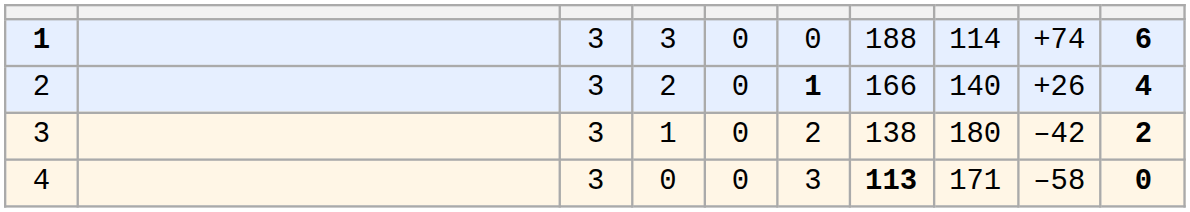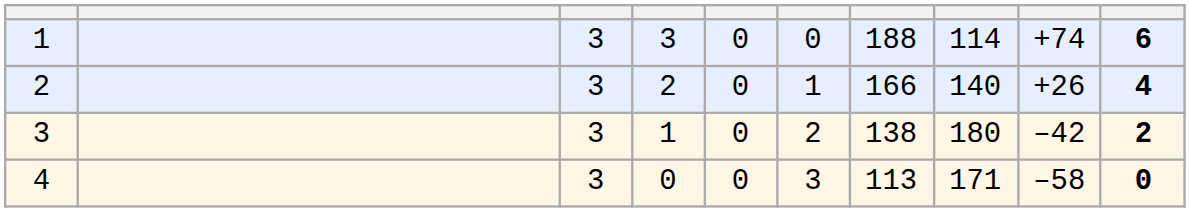 <table class="wikitable" style="text-align:center; font-size:95%">
 <tr>
 <th width="25"></th>
 <th width="200"></th>
 <th width="25"></th>
 <th width="25"></th>
 <th width="25"></th>
 <th width="25"></th>
 <th width="30"></th>
 <th width="30"></th>
 <th width="30"></th>
 <th width="30"></th>
 </tr>
 <tr style="background:#e6efff">
-<td><strong>1</strong></td>
+<td>1</td>
 <td style="text-align:left"></td>
 <td>3</td>
 <td>3</td>
 <td>0</td>
 <td>0</td>
 <td>188</td>
 <td>114</td>
 <td>+74</td>
 <td><strong>6</strong></td>
 </tr>
 <tr style="background:#e6efff">
 <td>2</td>
 <td style="text-align:left"></td>
 <td>3</td>
 <td>2</td>
 <td>0</td>
-<td><strong>1</strong></td>
+<td>1</td>
 <td>166</td>
 <td>140</td>
 <td>+26</td>
 <td><strong>4</strong></td>
 </tr>
 <tr style="background:#fff6e6">
 <td>3</td>
 <td style="text-align:left"></td>
 <td>3</td>
 <td>1</td>
 <td>0</td>
 <td>2</td>
 <td>138</td>
 <td>180</td>
 <td>–42</td>
 <td><strong>2</strong></td>
 </tr>
 <tr style="background:#fff6e6">
 <td>4</td>
 <td style="text-align:left"></td>
 <td>3</td>
 <td>0</td>
 <td>0</td>
 <td>3</td>
-<td><strong>113</strong></td>
+<td>113</td>
 <td>171</td>
 <td>–58</td>
 <td><strong>0</strong></td>
 </tr>
 </table>
